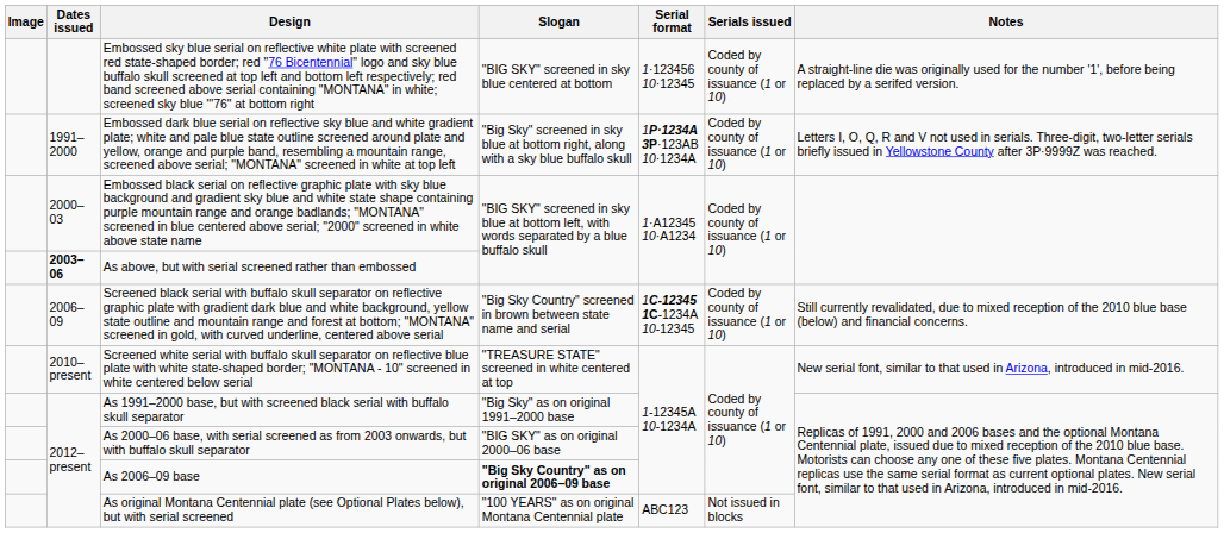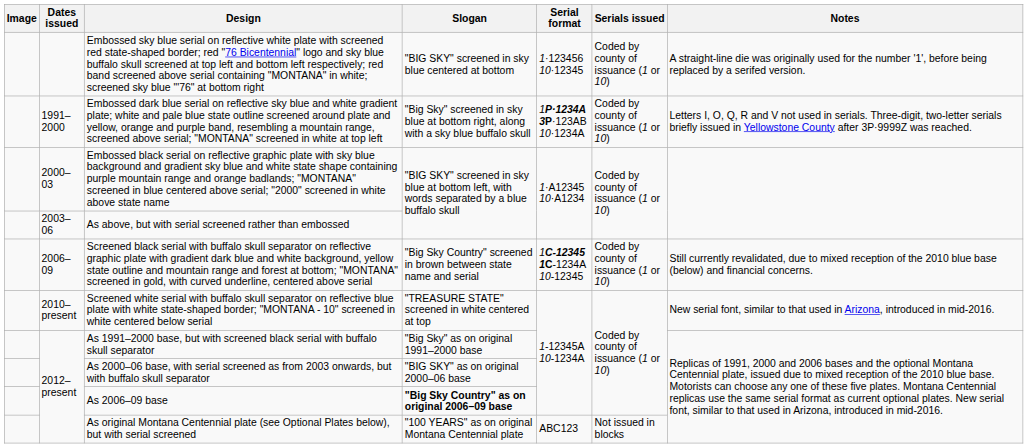 <table class="wikitable">
 <tr>
 <th>Image</th>
 <th>Dates issued</th>
 <th>Design</th>
 <th>Slogan</th>
 <th>Serial format</th>
 <th>Serials issued</th>
 <th>Notes</th>
 </tr>
 <tr>
 <td></td>
 <td></td>
 <td>Embossed sky blue serial on reflective white plate with screened red state-shaped border; red "<a href='#'>76 Bicentennial</a>" logo and sky blue buffalo skull screened at top left and bottom left respectively; red band screened above serial containing "MONTANA" in white; screened sky blue "'76" at bottom right</td>
 <td>"BIG SKY" screened in sky blue centered at bottom</td>
 <td><em>1</em>·123456<br><em>10</em>·12345</td>
 <td>Coded by county of issuance (<em>1</em> or <em>10</em>)</td>
 <td>A straight-line die was originally used for the number '1', before being replaced by a serifed version.</td>
 </tr>
 <tr>
 <td></td>
 <td>1991–2000</td>
 <td>Embossed dark blue serial on reflective sky blue and white gradient plate; white and pale blue state outline screened around plate and yellow, orange and purple band, resembling a mountain range, screened above serial; "MONTANA" screened in white at top left</td>
 <td>"Big Sky" screened in sky blue at bottom right, along with a sky blue buffalo skull</td>
 <td><em>1<strong><em>P<strong>·1234A<br></em></strong>3</em>P</strong>·123AB<br><em>10</em>·1234A</td>
 <td>Coded by county of issuance (<em>1</em> or <em>10</em>)</td>
 <td>Letters I, O, Q, R and V not used in serials. Three-digit, two-letter serials briefly issued in <a href='#'>Yellowstone County</a> after 3P·9999Z was reached.</td>
 </tr>
 <tr>
 <td></td>
 <td>2000–03</td>
 <td>Embossed black serial on reflective graphic plate with sky blue background and gradient sky blue and white state shape containing purple mountain range and orange badlands; "MONTANA" screened in blue centered above serial; "2000" screened in white above state name</td>
 <td rowspan="2">"BIG SKY" screened in sky blue at bottom left, with words separated by a blue buffalo skull</td>
 <td rowspan="2"><em>1</em>·A12345<br><em>10</em>·A1234</td>
 <td rowspan="2">Coded by county of issuance (<em>1</em> or <em>10</em>)</td>
 <td rowspan="2"></td>
 </tr>
 <tr>
 <td></td>
-<td><strong>2003–06</strong></td>
+<td>2003–06</td>
 <td>As above, but with serial screened rather than embossed</td>
 </tr>
 <tr>
 <td></td>
 <td>2006–09</td>
 <td>Screened black serial with buffalo skull separator on reflective graphic plate with gradient dark blue and white background, yellow state outline and mountain range and forest at bottom; "MONTANA" screened in gold, with curved underline, centered above serial</td>
 <td>"Big Sky Country" screened in brown between state name and serial</td>
 <td><em>1<strong><em>C<strong>-12345<br></em>1</em></strong>C</strong>-1234A<br><em>10</em>-12345</td>
 <td>Coded by county of issuance (<em>1</em> or <em>10</em>)</td>
 <td>Still currently revalidated, due to mixed reception of the 2010 blue base (below) and financial concerns.</td>
 </tr>
 <tr>
 <td><br></td>
 <td>2010–present</td>
 <td>Screened white serial with buffalo skull separator on reflective blue plate with white state-shaped border; "MONTANA - 10" screened in white centered below serial</td>
 <td>"TREASURE STATE" screened in white centered at top</td>
 <td rowspan="4"><em>1</em>-12345A<br><em>10</em>-1234A</td>
 <td rowspan="4">Coded by county of issuance (<em>1</em> or <em>10</em>)</td>
 <td>New serial font, similar to that used in <a href='#'>Arizona</a>, introduced in mid-2016.</td>
 </tr>
 <tr>
 <td></td>
 <td rowspan="4">2012–present</td>
 <td>As 1991–2000 base, but with screened black serial with buffalo skull separator</td>
 <td>"Big Sky" as on original 1991–2000 base</td>
 <td rowspan="4">Replicas of 1991, 2000 and 2006 bases and the optional Montana Centennial plate, issued due to mixed reception of the 2010 blue base. Motorists can choose any one of these five plates. Montana Centennial replicas use the same serial format as current optional plates. New serial font, similar to that used in Arizona, introduced in mid-2016.</td>
 </tr>
 <tr>
 <td><br></td>
 <td>As 2000–06 base, with serial screened as from 2003 onwards, but with buffalo skull separator</td>
 <td>"BIG SKY" as on original 2000–06 base</td>
 </tr>
 <tr>
 <td><br></td>
 <td>As 2006–09 base</td>
 <td><strong>"Big Sky Country" as on original 2006–09 base</strong></td>
 </tr>
 <tr>
 <td><br></td>
 <td>As original Montana Centennial plate (see Optional Plates below), but with serial screened</td>
 <td>"100 YEARS" as on original Montana Centennial plate</td>
 <td>ABC123</td>
 <td>Not issued in blocks</td>
 </tr>
 </table>
